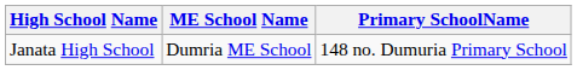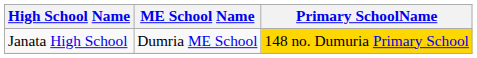 <table class="wikitable">
 <tr>
 <th><a href='#'>High School</a> <a href='#'>Name</a></th>
 <th><a href='#'>ME School</a> <a href='#'>Name</a></th>
 <th><a href='#'>Primary School</a><a href='#'>Name</a></th>
 </tr>
 <tr>
 <td>Janata <a href='#'>High School</a></td>
 <td>Dumria <a href='#'>ME School</a></td>
-<td>148 no. Dumuria <a href='#'>Primary School</a></td>
+<td style="background: gold;">148 no. Dumuria <a href='#'>Primary School</a></td>
 </tr>
 <tr>
 </tr>
 </table>
